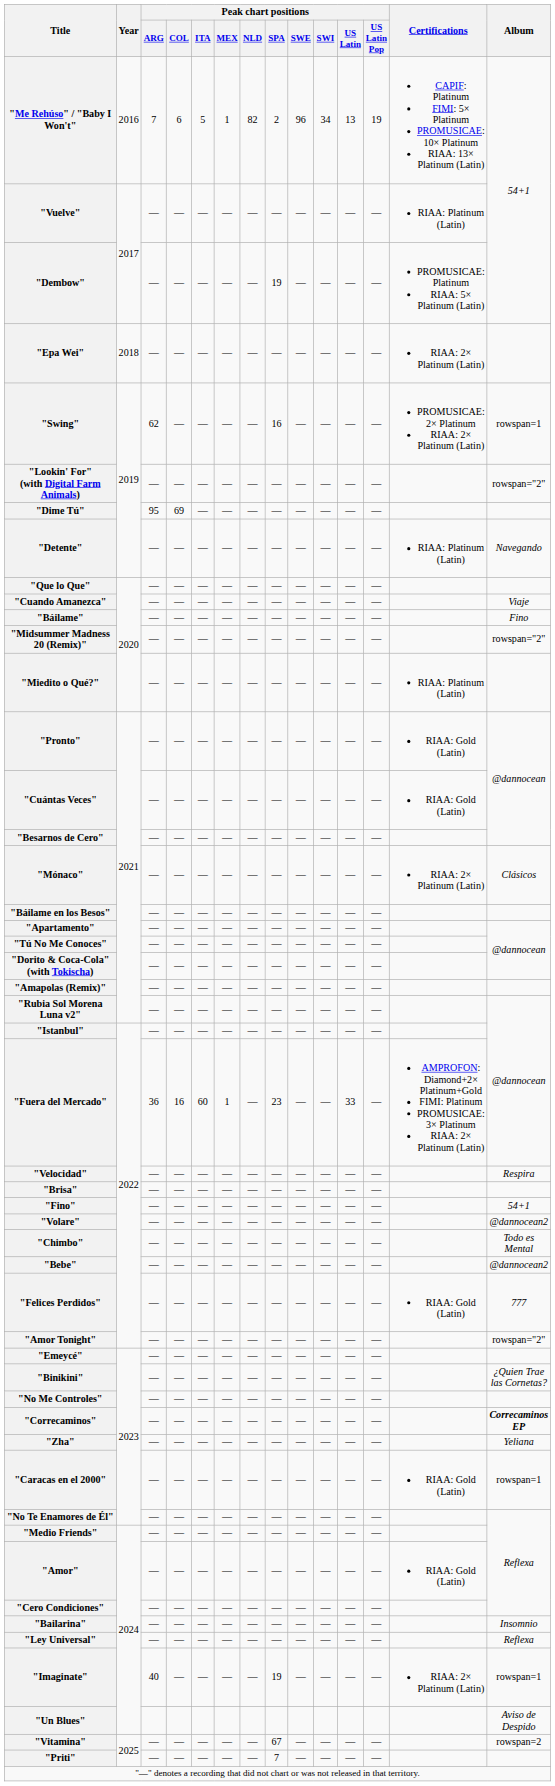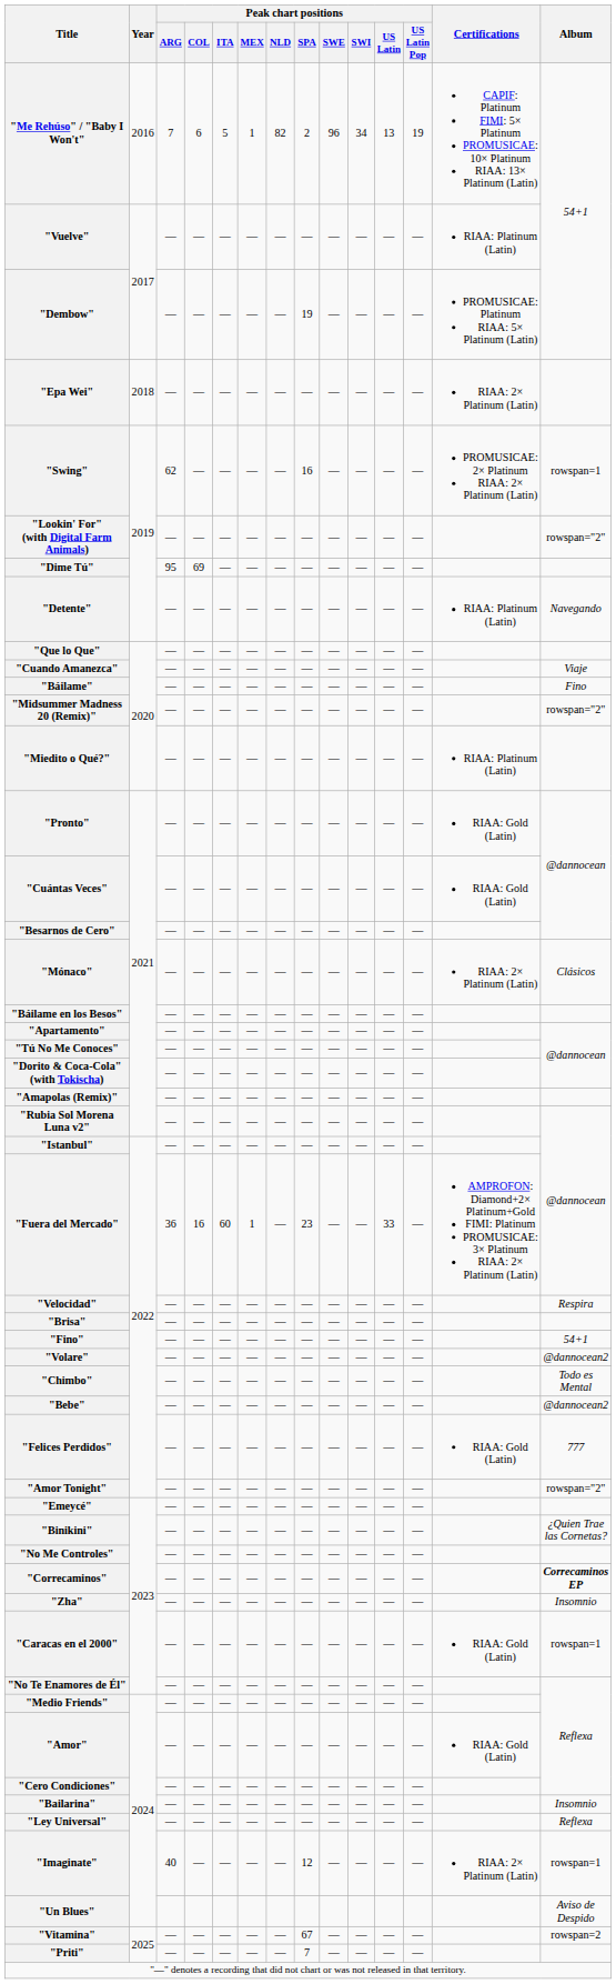 <table class="wikitable plainrowheaders" style="text-align:center;">
 <tr>
 <th scope="col" rowspan="2" style="width:16em;">Title</th>
 <th scope="col" rowspan="2" style="width:1em;">Year</th>
 <th scope="col" colspan="10">Peak chart positions</th>
 <th scope="col" rowspan="2"><a href='#'>Certifications</a></th>
 <th scope="col" rowspan="2">Album</th>
 </tr>
 <tr>
 <th scope="col" style="width:2.5em;font-size:90%;"><a href='#'>ARG</a><br></th>
 <th scope="col" style="width:2.5em;font-size:90%;"><a href='#'>COL</a><br></th>
 <th scope="col" style="width:2.5em;font-size:90%;"><a href='#'>ITA</a><br></th>
 <th scope="col" style="width:2.5em;font-size:90%;"><a href='#'>MEX</a><br></th>
 <th scope="col" style="width:2.5em;font-size:90%;"><a href='#'>NLD</a><br></th>
 <th scope="col" style="width:2.5em;font-size:90%;"><a href='#'>SPA</a><br></th>
 <th scope="col" style="width:2.5em;font-size:90%;"><a href='#'>SWE</a><br></th>
 <th scope="col" style="width:2.5em;font-size:90%;"><a href='#'>SWI</a><br></th>
 <th scope="col" style="width:2.5em;font-size:90%;"><a href='#'>US<br>Latin</a><br></th>
 <th scope="col" style="width:2.5em;font-size:90%;"><a href='#'>US<br>Latin<br>Pop</a><br></th>
 </tr>
 <tr>
 <th scope="row">"<a href='#'>Me Rehúso</a>" / "Baby I Won't"</th>
 <td>2016</td>
 <td>7</td>
 <td>6</td>
 <td>5</td>
 <td>1</td>
 <td>82</td>
 <td>2</td>
 <td>96<br></td>
 <td>34</td>
 <td>13</td>
 <td>19</td>
 <td><br><ul><li><a href='#'>CAPIF</a>: Platinum</li><li><a href='#'>FIMI</a>: 5× Platinum</li><li><a href='#'>PROMUSICAE</a>: 10× Platinum</li><li>RIAA: 13× Platinum (Latin)</li></ul></td>
 <td rowspan="3"><em>54+1</em></td>
 </tr>
 <tr>
 <th scope="row">"Vuelve"</th>
 <td rowspan="2">2017</td>
 <td>—</td>
 <td>—</td>
 <td>—</td>
 <td>—</td>
 <td>—</td>
 <td>—</td>
 <td>—</td>
 <td>—</td>
 <td>—</td>
 <td>—</td>
 <td><br><ul><li>RIAA: Platinum (Latin)</li></ul></td>
 </tr>
 <tr>
 <th scope="row">"Dembow"</th>
 <td>—</td>
 <td>—</td>
 <td>—</td>
 <td>—</td>
 <td>—</td>
 <td>19<br></td>
 <td>—</td>
 <td>—</td>
 <td>—</td>
 <td>—</td>
 <td><br><ul><li>PROMUSICAE: Platinum</li><li>RIAA: 5× Platinum (Latin)</li></ul></td>
 </tr>
 <tr>
 <th scope="row">"Epa Wei"</th>
 <td>2018</td>
 <td>—</td>
 <td>—</td>
 <td>—</td>
 <td>—</td>
 <td>—</td>
 <td>—</td>
 <td>—</td>
 <td>—</td>
 <td>—</td>
 <td>—</td>
 <td><br><ul><li>RIAA: 2× Platinum (Latin)</li></ul></td>
 <td></td>
 </tr>
 <tr>
 <th scope="row">"Swing"</th>
 <td rowspan="4">2019</td>
 <td>62</td>
 <td>—</td>
 <td>—</td>
 <td>—</td>
 <td>—</td>
 <td>16<br></td>
 <td>—</td>
 <td>—</td>
 <td>—</td>
 <td>—</td>
 <td><br><ul><li>PROMUSICAE: 2× Platinum</li><li>RIAA: 2× Platinum (Latin)</li></ul></td>
 <td>rowspan=1</td>
 </tr>
 <tr>
 <th scope="row">"Lookin' For" <br><span>(with <a href='#'>Digital Farm Animals</a>)</span></th>
 <td>—</td>
 <td>—</td>
 <td>—</td>
 <td>—</td>
 <td>—</td>
 <td>—</td>
 <td>—</td>
 <td>—</td>
 <td>—</td>
 <td>—</td>
 <td></td>
 <td>rowspan="2" </td>
 </tr>
 <tr>
 <th scope="row">"Dime Tú"</th>
 <td>95</td>
 <td>69</td>
 <td>—</td>
 <td>—</td>
 <td>—</td>
 <td>—</td>
 <td>—</td>
 <td>—</td>
 <td>—</td>
 <td>—</td>
 <td></td>
 </tr>
 <tr>
 <th scope="row">"Detente"<br></th>
 <td>—</td>
 <td>—</td>
 <td>—</td>
 <td>—</td>
 <td>—</td>
 <td>—</td>
 <td>—</td>
 <td>—</td>
 <td>—</td>
 <td>—</td>
 <td><br><ul><li>RIAA: Platinum (Latin)</li></ul></td>
 <td><em>Navegando</em></td>
 </tr>
 <tr>
 <th scope="row">"Que lo Que"</th>
 <td rowspan="5">2020</td>
 <td>—</td>
 <td>—</td>
 <td>—</td>
 <td>—</td>
 <td>—</td>
 <td>—</td>
 <td>—</td>
 <td>—</td>
 <td>—</td>
 <td>—</td>
 <td></td>
 <td></td>
 </tr>
 <tr>
 <th scope="row">"Cuando Amanezca"<br></th>
 <td>—</td>
 <td>—</td>
 <td>—</td>
 <td>—</td>
 <td>—</td>
 <td>—</td>
 <td>—</td>
 <td>—</td>
 <td>—</td>
 <td>—</td>
 <td></td>
 <td><em>Viaje</em></td>
 </tr>
 <tr>
 <th scope="row">"Báilame"</th>
 <td>—</td>
 <td>—</td>
 <td>—</td>
 <td>—</td>
 <td>—</td>
 <td>—</td>
 <td>—</td>
 <td>—</td>
 <td>—</td>
 <td>—</td>
 <td></td>
 <td><em>Fino</em></td>
 </tr>
 <tr>
 <th scope="row">"Midsummer Madness 20 (Remix)"<br></th>
 <td>—</td>
 <td>—</td>
 <td>—</td>
 <td>—</td>
 <td>—</td>
 <td>—</td>
 <td>—</td>
 <td>—</td>
 <td>—</td>
 <td>—</td>
 <td></td>
 <td>rowspan="2" </td>
 </tr>
 <tr>
 <th scope="row">"Miedito o Qué?"<br></th>
 <td>—</td>
 <td>—</td>
 <td>—</td>
 <td>—</td>
 <td>—</td>
 <td>—</td>
 <td>—</td>
 <td>—</td>
 <td>—</td>
 <td>—</td>
 <td><br><ul><li>RIAA: Platinum (Latin)</li></ul></td>
 </tr>
 <tr>
 <th scope="row">"Pronto"</th>
 <td rowspan="10">2021</td>
 <td>—</td>
 <td>—</td>
 <td>—</td>
 <td>—</td>
 <td>—</td>
 <td>—</td>
 <td>—</td>
 <td>—</td>
 <td>—</td>
 <td>—</td>
 <td><br><ul><li>RIAA: Gold (Latin)</li></ul></td>
 <td rowspan="3"><em>@dannocean</em></td>
 </tr>
 <tr>
 <th scope="row">"Cuántas Veces"<br></th>
 <td>—</td>
 <td>—</td>
 <td>—</td>
 <td>—</td>
 <td>—</td>
 <td>—</td>
 <td>—</td>
 <td>—</td>
 <td>—</td>
 <td>—</td>
 <td><br><ul><li>RIAA: Gold (Latin)</li></ul></td>
 </tr>
 <tr>
 <th scope="row">"Besarnos de Cero"</th>
 <td>—</td>
 <td>—</td>
 <td>—</td>
 <td>—</td>
 <td>—</td>
 <td>—</td>
 <td>—</td>
 <td>—</td>
 <td>—</td>
 <td>—</td>
 <td></td>
 </tr>
 <tr>
 <th scope="row">"Mónaco"<br></th>
 <td>—</td>
 <td>—</td>
 <td>—</td>
 <td>—</td>
 <td>—</td>
 <td>—</td>
 <td>—</td>
 <td>—</td>
 <td>—</td>
 <td>—</td>
 <td><br><ul><li>RIAA: 2× Platinum (Latin)</li></ul></td>
 <td><em>Clásicos</em></td>
 </tr>
 <tr>
 <th scope="row">"Báilame en los Besos"<br></th>
 <td>—</td>
 <td>—</td>
 <td>—</td>
 <td>—</td>
 <td>—</td>
 <td>—</td>
 <td>—</td>
 <td>—</td>
 <td>—</td>
 <td>—</td>
 <td></td>
 <td></td>
 </tr>
 <tr>
 <th scope="row">"Apartamento"</th>
 <td>—</td>
 <td>—</td>
 <td>—</td>
 <td>—</td>
 <td>—</td>
 <td>—</td>
 <td>—</td>
 <td>—</td>
 <td>—</td>
 <td>—</td>
 <td></td>
 <td rowspan="3"><em>@dannocean</em></td>
 </tr>
 <tr>
 <th scope="row">"Tú No Me Conoces" <br></th>
 <td>—</td>
 <td>—</td>
 <td>—</td>
 <td>—</td>
 <td>—</td>
 <td>—</td>
 <td>—</td>
 <td>—</td>
 <td>—</td>
 <td>—</td>
 <td></td>
 </tr>
 <tr>
 <th scope="row">"Dorito & Coca-Cola" <br><span>(with <a href='#'>Tokischa</a>)</span></th>
 <td>—</td>
 <td>—</td>
 <td>—</td>
 <td>—</td>
 <td>—</td>
 <td>—</td>
 <td>—</td>
 <td>—</td>
 <td>—</td>
 <td>—</td>
 <td></td>
 </tr>
 <tr>
 <th scope="row">"Amapolas (Remix)"<br></th>
 <td>—</td>
 <td>—</td>
 <td>—</td>
 <td>—</td>
 <td>—</td>
 <td>—</td>
 <td>—</td>
 <td>—</td>
 <td>—</td>
 <td>—</td>
 <td></td>
 <td></td>
 </tr>
 <tr>
 <th scope="row">"Rubia Sol Morena Luna v2"</th>
 <td>—</td>
 <td>—</td>
 <td>—</td>
 <td>—</td>
 <td>—</td>
 <td>—</td>
 <td>—</td>
 <td>—</td>
 <td>—</td>
 <td>—</td>
 <td></td>
 <td rowspan="3"><em>@dannocean</em></td>
 </tr>
 <tr>
 <th scope="row">"Istanbul"</th>
 <td rowspan="10">2022</td>
 <td>—</td>
 <td>—</td>
 <td>—</td>
 <td>—</td>
 <td>—</td>
 <td>—</td>
 <td>—</td>
 <td>—</td>
 <td>—</td>
 <td>—</td>
 <td></td>
 </tr>
 <tr>
 <th scope="row">"Fuera del Mercado"</th>
 <td>36<br></td>
 <td>16</td>
 <td>60<br></td>
 <td>1</td>
 <td>—</td>
 <td>23</td>
 <td>—</td>
 <td>—</td>
 <td>33</td>
 <td>—</td>
 <td><br><ul><li><a href='#'>AMPROFON</a>: Diamond+2× Platinum+Gold</li><li>FIMI: Platinum</li><li>PROMUSICAE: 3× Platinum</li><li>RIAA: 2× Platinum (Latin)</li></ul></td>
 </tr>
 <tr>
 <th scope="row">"Velocidad"<br></th>
 <td>—</td>
 <td>—</td>
 <td>—</td>
 <td>—</td>
 <td>—</td>
 <td>—</td>
 <td>—</td>
 <td>—</td>
 <td>—</td>
 <td>—</td>
 <td></td>
 <td><em>Respira</em></td>
 </tr>
 <tr>
 <th scope="row">"Brisa"<br></th>
 <td>—</td>
 <td>—</td>
 <td>—</td>
 <td>—</td>
 <td>—</td>
 <td>—</td>
 <td>—</td>
 <td>—</td>
 <td>—</td>
 <td>—</td>
 <td></td>
 <td></td>
 </tr>
 <tr>
 <th scope="row">"Fino"<br></th>
 <td>—</td>
 <td>—</td>
 <td>—</td>
 <td>—</td>
 <td>—</td>
 <td>—</td>
 <td>—</td>
 <td>—</td>
 <td>—</td>
 <td>—</td>
 <td></td>
 <td><em>54+1</em></td>
 </tr>
 <tr>
 <th scope="row">"Volare"</th>
 <td>—</td>
 <td>—</td>
 <td>—</td>
 <td>—</td>
 <td>—</td>
 <td>—</td>
 <td>—</td>
 <td>—</td>
 <td>—</td>
 <td>—</td>
 <td></td>
 <td><em>@dannocean2</em></td>
 </tr>
 <tr>
 <th scope="row">"Chimbo"<br></th>
 <td>—</td>
 <td>—</td>
 <td>—</td>
 <td>—</td>
 <td>—</td>
 <td>—</td>
 <td>—</td>
 <td>—</td>
 <td>—</td>
 <td>—</td>
 <td></td>
 <td><em>Todo es Mental</em></td>
 </tr>
 <tr>
 <th scope="row">"Bebe"</th>
 <td>—</td>
 <td>—</td>
 <td>—</td>
 <td>—</td>
 <td>—</td>
 <td>—</td>
 <td>—</td>
 <td>—</td>
 <td>—</td>
 <td>—</td>
 <td></td>
 <td><em>@dannocean2</em></td>
 </tr>
 <tr>
 <th scope="row">"Felices Perdidos"<br></th>
 <td>—</td>
 <td>—</td>
 <td>—</td>
 <td>—</td>
 <td>—</td>
 <td>—</td>
 <td>—</td>
 <td>—</td>
 <td>—</td>
 <td>—</td>
 <td><br><ul><li>RIAA: Gold (Latin)</li></ul></td>
 <td><em>777</em></td>
 </tr>
 <tr>
 <th scope="row">"Amor Tonight"</th>
 <td>—</td>
 <td>—</td>
 <td>—</td>
 <td>—</td>
 <td>—</td>
 <td>—</td>
 <td>—</td>
 <td>—</td>
 <td>—</td>
 <td>—</td>
 <td></td>
 <td>rowspan="2" </td>
 </tr>
 <tr>
 <th scope="row">"Emeycé" <br></th>
 <td rowspan="7">2023</td>
 <td>—</td>
 <td>—</td>
 <td>—</td>
 <td>—</td>
 <td>—</td>
 <td>—</td>
 <td>—</td>
 <td>—</td>
 <td>—</td>
 <td>—</td>
 <td></td>
 </tr>
 <tr>
 <th scope="row">"Binikini"<br></th>
 <td>—</td>
 <td>—</td>
 <td>—</td>
 <td>—</td>
 <td>—</td>
 <td>—</td>
 <td>—</td>
 <td>—</td>
 <td>—</td>
 <td>—</td>
 <td></td>
 <td><em>¿Quien Trae las Cornetas?</em></td>
 </tr>
 <tr>
 <th scope="row">"No Me Controles"<br></th>
 <td>—</td>
 <td>—</td>
 <td>—</td>
 <td>—</td>
 <td>—</td>
 <td>—</td>
 <td>—</td>
 <td>—</td>
 <td>—</td>
 <td>—</td>
 <td></td>
 <td></td>
 </tr>
 <tr>
 <th scope="row">"Correcaminos"<br></th>
 <td>—</td>
 <td>—</td>
 <td>—</td>
 <td>—</td>
 <td>—</td>
 <td>—</td>
 <td>—</td>
 <td>—</td>
 <td>—</td>
 <td>—</td>
 <td></td>
 <td><strong><em>Correcaminos EP</em></strong></td>
 </tr>
 <tr>
 <th scope="row">"Zha" <br></th>
 <td>—</td>
 <td>—</td>
 <td>—</td>
 <td>—</td>
 <td>—</td>
 <td>—</td>
 <td>—</td>
 <td>—</td>
 <td>—</td>
 <td>—</td>
 <td></td>
-<td><em>Yeliana</em></td>
+<td><em>Insomnio</em></td>
 </tr>
 <tr>
 <th scope="row">"Caracas en el 2000"<br></th>
 <td>—</td>
 <td>—</td>
 <td>—</td>
 <td>—</td>
 <td>—</td>
 <td>—</td>
 <td>—</td>
 <td>—</td>
 <td>—</td>
 <td>—</td>
 <td><br><ul><li>RIAA: Gold (Latin)</li></ul></td>
 <td>rowspan=1</td>
 </tr>
 <tr>
 <th scope="row">"No Te Enamores de Él"</th>
 <td>—</td>
 <td>—</td>
 <td>—</td>
 <td>—</td>
 <td>—</td>
 <td>—</td>
 <td>—</td>
 <td>—</td>
 <td>—</td>
 <td>—</td>
 <td></td>
 <td rowspan="4"><em>Reflexa</em></td>
 </tr>
 <tr>
 <th scope="row">"Medio Friends"</th>
 <td rowspan="7">2024</td>
 <td>—</td>
 <td>—</td>
 <td>—</td>
 <td>—</td>
 <td>—</td>
 <td>—</td>
 <td>—</td>
 <td>—</td>
 <td>—</td>
 <td>—</td>
 <td></td>
 </tr>
 <tr>
 <th scope="row">"Amor"</th>
 <td>—</td>
 <td>—</td>
 <td>—</td>
 <td>—</td>
 <td>—</td>
 <td>—</td>
 <td>—</td>
 <td>—</td>
 <td>—</td>
 <td>—</td>
 <td><br><ul><li>RIAA: Gold (Latin)</li></ul></td>
 </tr>
 <tr>
 <th scope="row">"Cero Condiciones"</th>
 <td>—</td>
 <td>—</td>
 <td>—</td>
 <td>—</td>
 <td>—</td>
 <td>—</td>
 <td>—</td>
 <td>—</td>
 <td>—</td>
 <td>—</td>
 <td></td>
 </tr>
 <tr>
 <th scope="row">"Bailarina"<br></th>
 <td>—</td>
 <td>—</td>
 <td>—</td>
 <td>—</td>
 <td>—</td>
 <td>—</td>
 <td>—</td>
 <td>—</td>
 <td>—</td>
 <td>—</td>
 <td></td>
 <td><em>Insomnio</em></td>
 </tr>
 <tr>
 <th scope="row">"Ley Universal"</th>
 <td>—</td>
 <td>—</td>
 <td>—</td>
 <td>—</td>
 <td>—</td>
 <td>—</td>
 <td>—</td>
 <td>—</td>
 <td>—</td>
 <td>—</td>
 <td></td>
 <td><em>Reflexa</em></td>
 </tr>
 <tr>
 <th scope="row">"Imaginate"<br></th>
 <td>40</td>
 <td>—</td>
 <td>—</td>
 <td>—</td>
 <td>—</td>
-<td>19<br></td>
+<td>12</td>
 <td>—</td>
 <td>—</td>
 <td>—</td>
 <td>—</td>
 <td><br><ul><li>RIAA: 2× Platinum (Latin)</li></ul></td>
 <td>rowspan=1</td>
 </tr>
 <tr>
 <th scope="row">"Un Blues" <br></th>
 <td></td>
 <td></td>
 <td></td>
 <td></td>
 <td></td>
 <td></td>
 <td></td>
 <td></td>
 <td></td>
 <td></td>
 <td></td>
 <td><em>Aviso de Despido</em></td>
 </tr>
 <tr>
 <th scope="row">"Vitamina"</th>
 <td rowspan="2">2025</td>
 <td>—</td>
 <td>—</td>
 <td>—</td>
 <td>—</td>
 <td>—</td>
 <td>67</td>
 <td>—</td>
 <td>—</td>
 <td>—</td>
 <td>—</td>
 <td></td>
 <td>rowspan=2</td>
 </tr>
 <tr>
 <th scope="row">"Priti" <br></th>
 <td>—</td>
 <td>—</td>
 <td>—</td>
 <td>—</td>
 <td>—</td>
 <td>7<br></td>
 <td>—</td>
 <td>—</td>
 <td>—</td>
 <td>—</td>
 <td></td>
 </tr>
 <tr>
 <td colspan="16" style="font-size:90%">"—" denotes a recording that did not chart or was not released in that territory.</td>
 </tr>
 </table>
